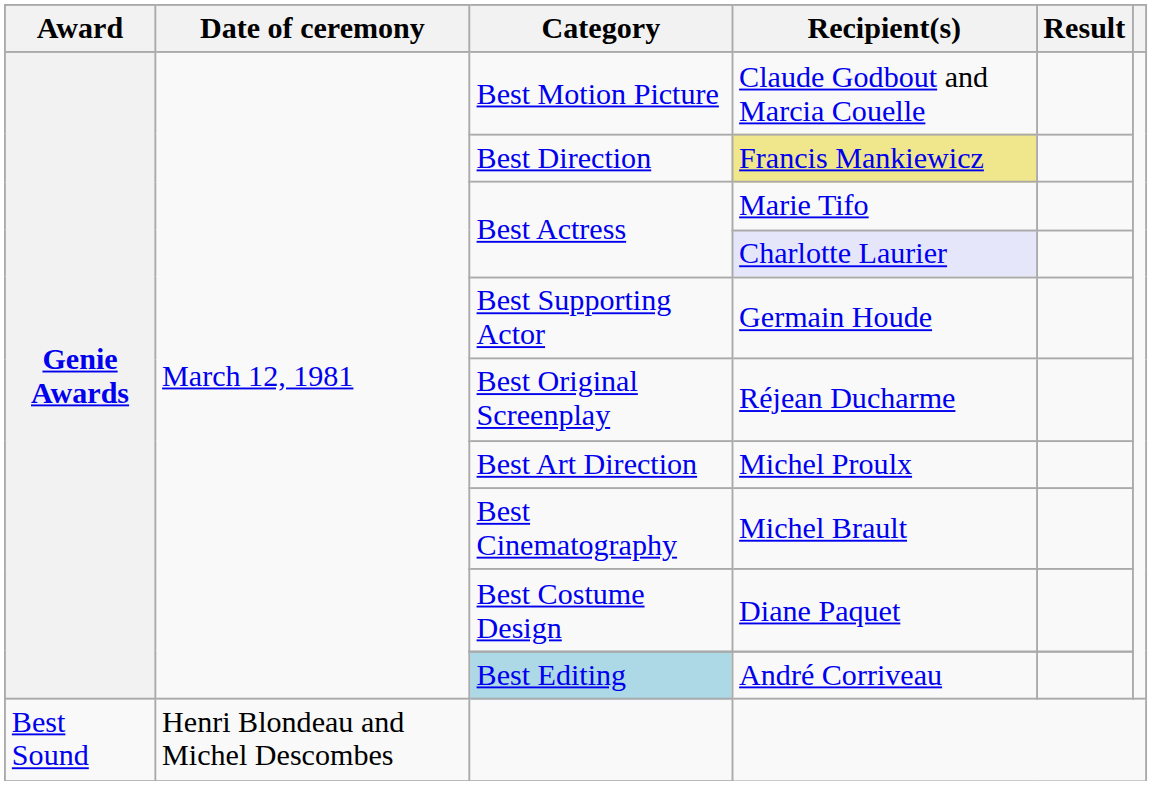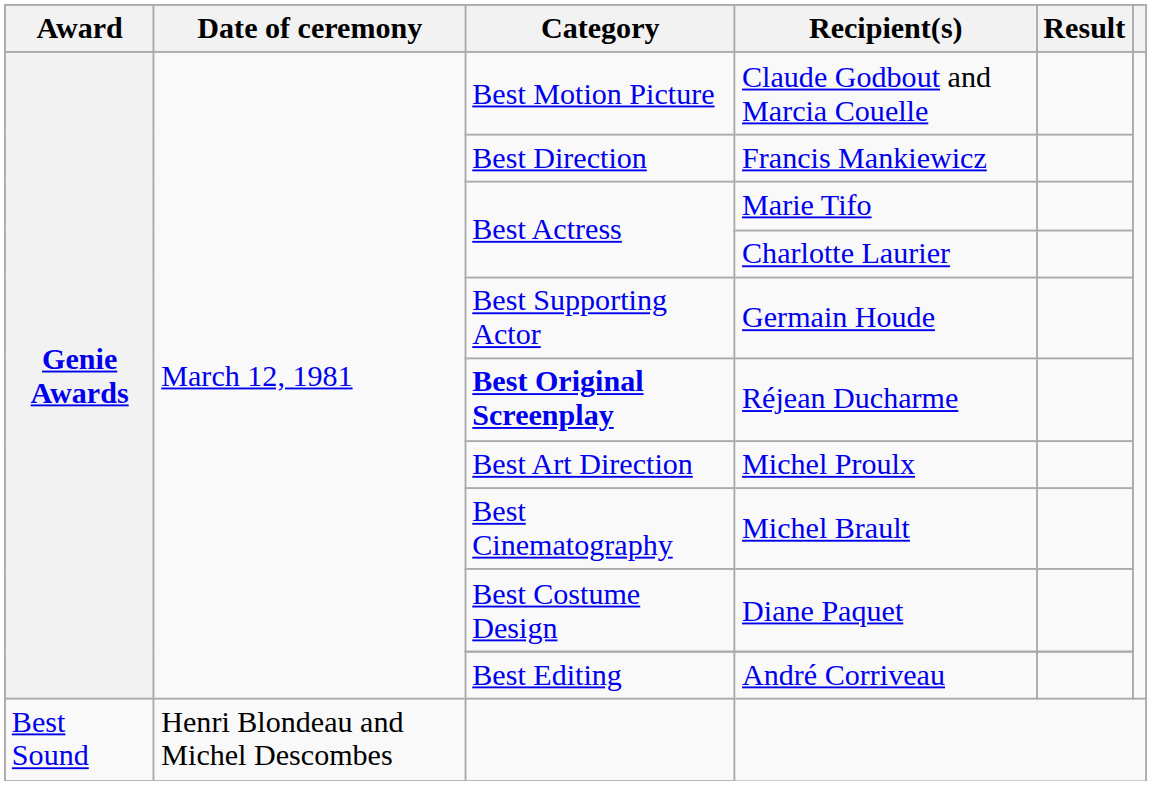 <table class="wikitable plainrowheaders sortable">
 <tr>
 <th scope="col">Award</th>
 <th scope="col">Date of ceremony</th>
 <th scope="col">Category</th>
 <th scope="col">Recipient(s)</th>
 <th scope="col">Result</th>
 <th scope="col" class="unsortable"></th>
 </tr>
 <tr>
 <th scope="row" rowspan=11><a href='#'>Genie Awards</a></th>
 <td rowspan="11"><a href='#'>March 12, 1981</a></td>
 <td><a href='#'>Best Motion Picture</a></td>
 <td><a href='#'>Claude Godbout</a> and <a href='#'>Marcia Couelle</a></td>
 <td></td>
 <td rowspan="11"></td>
 </tr>
 <tr>
 <td><a href='#'>Best Direction</a></td>
-<td style="background: khaki;"><a href='#'>Francis Mankiewicz</a></td>
+<td><a href='#'>Francis Mankiewicz</a></td>
 <td></td>
 </tr>
 <tr>
 <td rowspan="2"><a href='#'>Best Actress</a></td>
 <td><a href='#'>Marie Tifo</a></td>
 <td></td>
 </tr>
 <tr>
-<td style="background: lavender;"><a href='#'>Charlotte Laurier</a></td>
+<td><a href='#'>Charlotte Laurier</a></td>
 <td></td>
 </tr>
 <tr>
 <td><a href='#'>Best Supporting Actor</a></td>
 <td><a href='#'>Germain Houde</a></td>
 <td></td>
 </tr>
 <tr>
-<td><a href='#'>Best Original Screenplay</a></td>
+<td><strong><a href='#'>Best Original Screenplay</a></strong></td>
 <td><a href='#'>Réjean Ducharme</a></td>
 <td></td>
 </tr>
 <tr>
 <td><a href='#'>Best Art Direction</a></td>
 <td><a href='#'>Michel Proulx</a></td>
 <td></td>
 </tr>
 <tr>
 <td><a href='#'>Best Cinematography</a></td>
 <td><a href='#'>Michel Brault</a></td>
 <td></td>
 </tr>
 <tr>
 <td><a href='#'>Best Costume Design</a></td>
 <td><a href='#'>Diane Paquet</a></td>
 <td></td>
 </tr>
 <tr>
 </tr>
 <tr>
-<td style="background: lightblue;"><a href='#'>Best Editing</a></td>
+<td><a href='#'>Best Editing</a></td>
 <td><a href='#'>André Corriveau</a></td>
 <td></td>
 </tr>
 <tr>
 <td><a href='#'>Best Sound</a></td>
 <td>Henri Blondeau and Michel Descombes</td>
 <td></td>
 </tr>
 <tr>
 </tr>
 </table>
